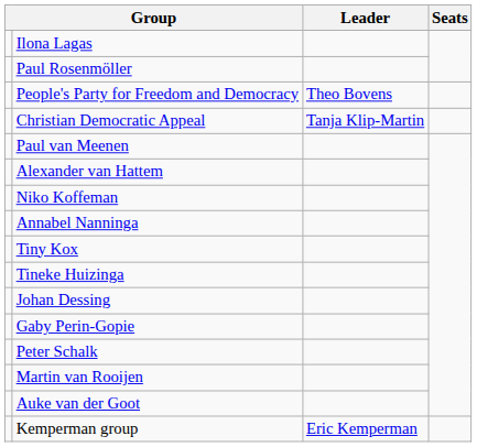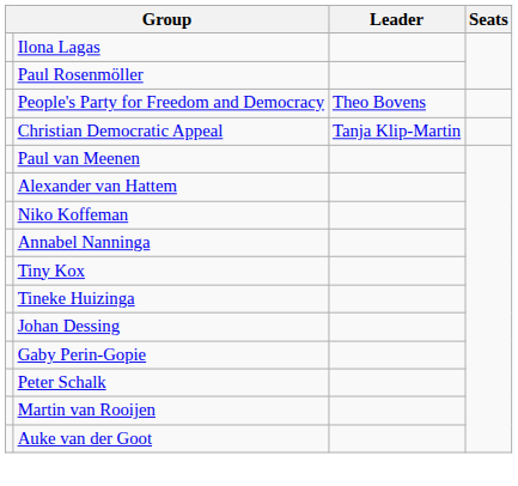 <table class="wikitable">
 <tr>
 <th colspan=2>Group</th>
 <th>Leader</th>
 <th>Seats</th>
 </tr>
 <tr>
 <td></td>
 <td><a href='#'>Ilona Lagas</a></td>
 <td style="text-align:right"></td>
 </tr>
 <tr>
 <td></td>
 <td><a href='#'>Paul Rosenmöller</a></td>
 <td style="text-align:right"></td>
 </tr>
 <tr>
 <td style="background:"></td>
 <td><a href='#'>People's Party for Freedom and Democracy</a></td>
 <td><a href='#'>Theo Bovens</a></td>
 <td style="text-align:right"></td>
 </tr>
 <tr>
 <td style="background:"></td>
 <td><a href='#'>Christian Democratic Appeal</a></td>
 <td><a href='#'>Tanja Klip-Martin</a></td>
 <td style="text-align:right"></td>
 </tr>
 <tr>
 <td></td>
 <td><a href='#'>Paul van Meenen</a></td>
 <td style="text-align:right"></td>
 </tr>
 <tr>
 <td></td>
 <td><a href='#'>Alexander van Hattem</a></td>
 <td style="text-align:right"></td>
 </tr>
 <tr>
 <td></td>
 <td><a href='#'>Niko Koffeman</a></td>
 <td style="text-align:right"></td>
 </tr>
 <tr>
 <td></td>
 <td><a href='#'>Annabel Nanninga</a></td>
 <td style="text-align:right"></td>
 </tr>
 <tr>
 <td></td>
 <td><a href='#'>Tiny Kox</a></td>
 <td style="text-align:right"></td>
 </tr>
 <tr>
 <td></td>
 <td><a href='#'>Tineke Huizinga</a></td>
 <td style="text-align:right"></td>
 </tr>
 <tr>
 <td></td>
 <td><a href='#'>Johan Dessing</a></td>
 <td style="text-align:right"></td>
 </tr>
 <tr>
 <td></td>
 <td><a href='#'>Gaby Perin-Gopie</a></td>
 <td style="text-align:right"></td>
 </tr>
 <tr>
 <td></td>
 <td><a href='#'>Peter Schalk</a></td>
 <td style="text-align:right"></td>
 </tr>
 <tr>
 <td></td>
 <td><a href='#'>Martin van Rooijen</a></td>
 <td style="text-align:right"></td>
 </tr>
 <tr>
 <td></td>
 <td><a href='#'>Auke van der Goot</a></td>
 <td style="text-align:right"></td>
 </tr>
-<tr>
-<td style="background:"></td>
-<td>Kemperman group</td>
-<td><a href='#'>Eric Kemperman</a></td>
-<td style="text-align:right"></td>
-</tr>
 </table>
